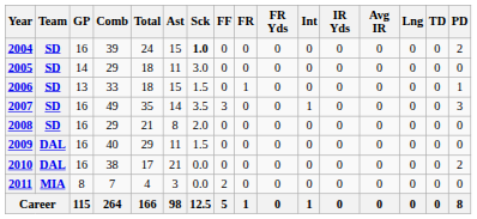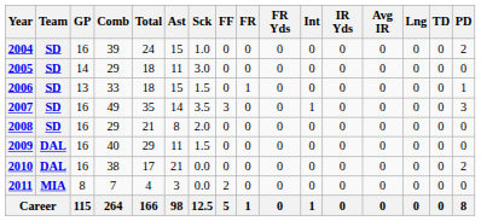 <table class="wikitable" style="text-align:center;">
 <tr>
 <th>Year</th>
 <th>Team</th>
 <th>GP</th>
 <th>Comb</th>
 <th>Total</th>
 <th>Ast</th>
 <th>Sck</th>
 <th>FF</th>
 <th>FR</th>
 <th>FR Yds</th>
 <th>Int</th>
 <th>IR Yds</th>
 <th>Avg IR</th>
 <th>Lng</th>
 <th>TD</th>
 <th>PD</th>
 </tr>
 <tr>
 <th><a href='#'>2004</a></th>
 <th><a href='#'>SD</a></th>
 <td>16</td>
 <td>39</td>
 <td>24</td>
 <td>15</td>
-<td><strong>1.0</strong></td>
+<td>1.0</td>
 <td>0</td>
 <td>0</td>
 <td>0</td>
 <td>0</td>
 <td>0</td>
 <td>0</td>
 <td>0</td>
 <td>0</td>
 <td>2</td>
 </tr>
 <tr>
 <th><a href='#'>2005</a></th>
 <th><a href='#'>SD</a></th>
 <td>14</td>
 <td>29</td>
 <td>18</td>
 <td>11</td>
 <td>3.0</td>
 <td>0</td>
 <td>0</td>
 <td>0</td>
 <td>0</td>
 <td>0</td>
 <td>0</td>
 <td>0</td>
 <td>0</td>
 <td>0</td>
 </tr>
 <tr>
 <th><a href='#'>2006</a></th>
 <th><a href='#'>SD</a></th>
 <td>13</td>
 <td>33</td>
 <td>18</td>
 <td>15</td>
 <td>1.5</td>
 <td>0</td>
 <td>1</td>
 <td>0</td>
 <td>0</td>
 <td>0</td>
 <td>0</td>
 <td>0</td>
 <td>0</td>
 <td>1</td>
 </tr>
 <tr>
 <th><a href='#'>2007</a></th>
 <th><a href='#'>SD</a></th>
 <td>16</td>
 <td>49</td>
 <td>35</td>
 <td>14</td>
 <td>3.5</td>
 <td>3</td>
 <td>0</td>
 <td>0</td>
 <td>1</td>
 <td>0</td>
 <td>0</td>
 <td>0</td>
 <td>0</td>
 <td>3</td>
 </tr>
 <tr>
 <th><a href='#'>2008</a></th>
 <th><a href='#'>SD</a></th>
 <td>16</td>
 <td>29</td>
 <td>21</td>
 <td>8</td>
 <td>2.0</td>
 <td>0</td>
 <td>0</td>
 <td>0</td>
 <td>0</td>
 <td>0</td>
 <td>0</td>
 <td>0</td>
 <td>0</td>
 <td>0</td>
 </tr>
 <tr>
 <th><a href='#'>2009</a></th>
 <th><a href='#'>DAL</a></th>
 <td>16</td>
 <td>40</td>
 <td>29</td>
 <td>11</td>
 <td>1.5</td>
 <td>0</td>
 <td>0</td>
 <td>0</td>
 <td>0</td>
 <td>0</td>
 <td>0</td>
 <td>0</td>
 <td>0</td>
 <td>0</td>
 </tr>
 <tr>
 <th><a href='#'>2010</a></th>
 <th><a href='#'>DAL</a></th>
 <td>16</td>
 <td>38</td>
 <td>17</td>
 <td>21</td>
 <td>0.0</td>
 <td>0</td>
 <td>0</td>
 <td>0</td>
 <td>0</td>
 <td>0</td>
 <td>0</td>
 <td>0</td>
 <td>0</td>
 <td>2</td>
 </tr>
 <tr>
 <th><a href='#'>2011</a></th>
 <th><a href='#'>MIA</a></th>
 <td>8</td>
 <td>7</td>
 <td>4</td>
 <td>3</td>
 <td>0.0</td>
 <td>2</td>
 <td>0</td>
 <td>0</td>
 <td>0</td>
 <td>0</td>
 <td>0</td>
 <td>0</td>
 <td>0</td>
 <td>0</td>
 </tr>
 <tr>
 <th colspan="2">Career</th>
 <th>115</th>
 <th>264</th>
 <th>166</th>
 <th>98</th>
 <th>12.5</th>
 <th>5</th>
 <th>1</th>
 <th>0</th>
 <th>1</th>
 <th>0</th>
 <th>0</th>
 <th>0</th>
 <th>0</th>
 <th>8</th>
 </tr>
 </table>
